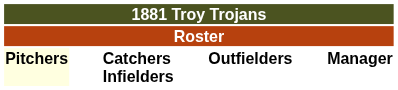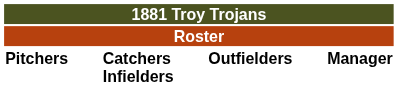 <table class="toccolours" style="font-size: 95%;">
 <tr>
 <th colspan="10" style="background-color: #4B5320; color: white; text-align: center;">1881 Troy Trojans</th>
 </tr>
 <tr>
 <td colspan="10" style="background-color: #B7410E; color: white; text-align: center;"><strong>Roster</strong></td>
 </tr>
 <tr>
-<td valign="top" style="background: lightyellow;"><strong>Pitchers</strong><br> </td>
+<td valign="top"><strong>Pitchers</strong><br> </td>
 <td width="25px"></td>
 <td valign="top"><strong>Catchers</strong><br>  <strong>Infielders</strong>    </td>
 <td width="25px"></td>
 <td valign="top"><strong>Outfielders</strong><br>  </td>
 <td width="25px"></td>
 <td valign="top"><strong>Manager</strong><br></td>
 </tr>
 </table>
